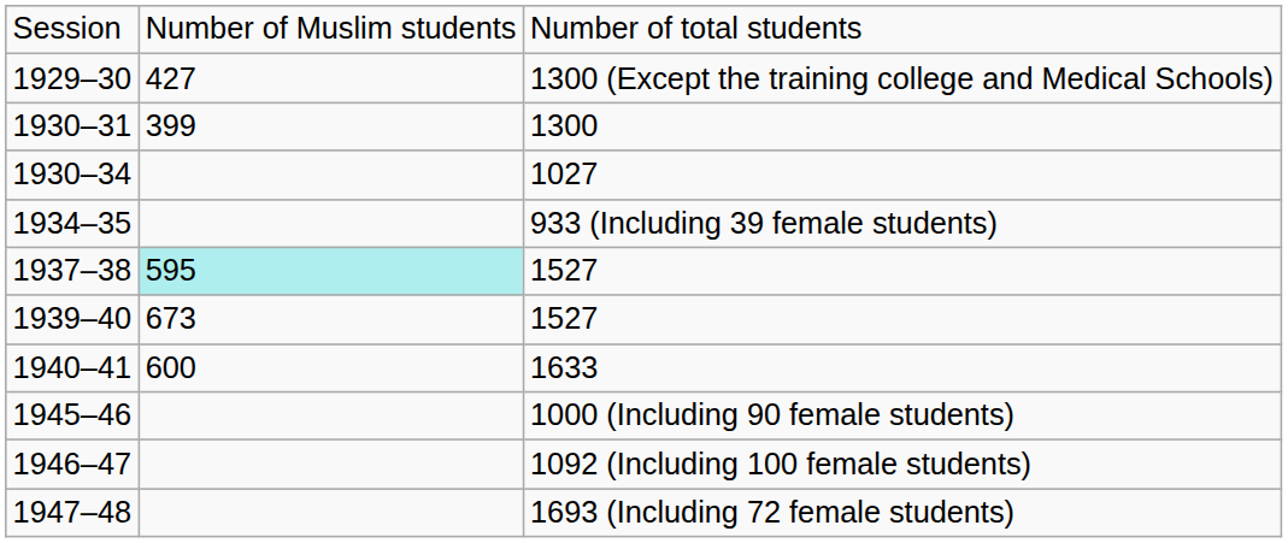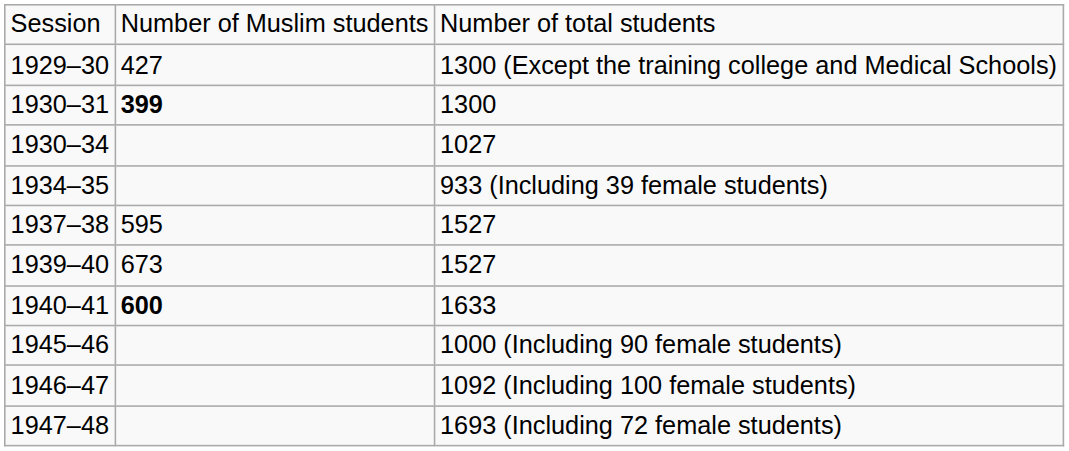 <table class="wikitable">
 <tr>
 <td>Session</td>
 <td>Number of Muslim students</td>
 <td>Number of total students</td>
 </tr>
 <tr>
 <td>1929–30</td>
 <td>427</td>
 <td>1300 (Except the training college and Medical Schools)</td>
 </tr>
 <tr>
 <td>1930–31</td>
-<td>399</td>
+<td><strong>399</strong></td>
 <td>1300</td>
 </tr>
 <tr>
 <td>1930–34</td>
 <td></td>
 <td>1027</td>
 </tr>
 <tr>
 <td>1934–35</td>
 <td></td>
 <td>933 (Including 39 female students)</td>
 </tr>
 <tr>
 <td>1937–38</td>
-<td style="background: paleturquoise;">595</td>
+<td>595</td>
 <td>1527</td>
 </tr>
 <tr>
 <td>1939–40</td>
 <td>673</td>
 <td>1527</td>
 </tr>
 <tr>
 <td>1940–41</td>
-<td>600</td>
+<td><strong>600</strong></td>
 <td>1633</td>
 </tr>
 <tr>
 <td>1945–46</td>
 <td></td>
 <td>1000 (Including 90 female students)</td>
 </tr>
 <tr>
 <td>1946–47</td>
 <td></td>
 <td>1092 (Including 100 female students)</td>
 </tr>
 <tr>
 <td>1947–48</td>
 <td></td>
 <td>1693 (Including 72 female students)</td>
 </tr>
 </table>
